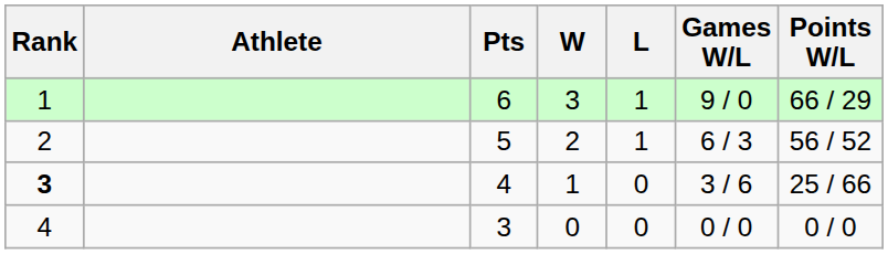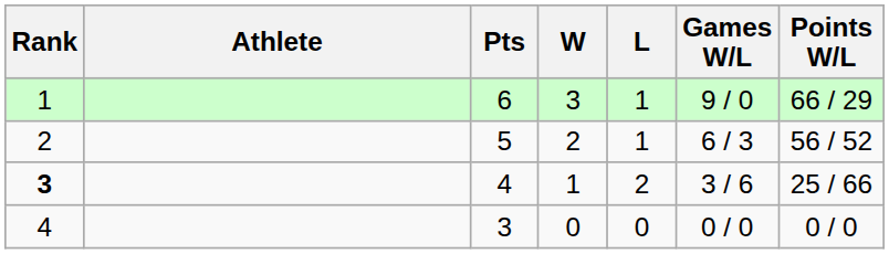 <table class="wikitable" style="text-align: center; font-size:90% ">
 <tr>
 <th width="20">Rank</th>
 <th width="200">Athlete</th>
 <th width="30">Pts</th>
 <th width="30">W</th>
 <th width="30">L</th>
 <th width="40">Games<br>W/L</th>
 <th width="50">Points<br>W/L</th>
 </tr>
 <tr bgcolor=#ccffcc>
 <td>1</td>
 <td align=left></td>
 <td>6</td>
 <td>3</td>
 <td>1</td>
 <td>9 / 0</td>
 <td>66 / 29</td>
 </tr>
 <tr>
 <td>2</td>
 <td align=left></td>
 <td>5</td>
 <td>2</td>
 <td>1</td>
 <td>6 / 3</td>
 <td>56 / 52</td>
 </tr>
 <tr>
 <td><strong>3</strong></td>
 <td align=left></td>
 <td>4</td>
 <td>1</td>
-<td>0</td>
+<td>2</td>
 <td>3 / 6</td>
 <td>25 / 66</td>
 </tr>
 <tr>
 <td>4</td>
 <td align=left></td>
 <td>3</td>
 <td>0</td>
 <td>0</td>
 <td>0 / 0</td>
 <td>0 / 0</td>
 </tr>
 </table>
